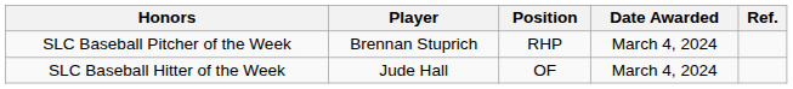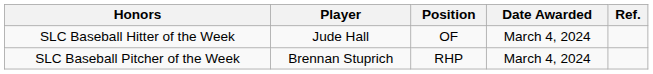 <table class="wikitable" style="width: 60%;text-align: center;">
 <tr>
 <th>Honors</th>
 <th>Player</th>
 <th>Position</th>
 <th>Date Awarded</th>
 <th>Ref.</th>
 </tr>
 <tr align="center">
+<td rowspan="1">SLC Baseball Hitter of the Week</td>
+<td>Jude Hall</td>
+<td>OF</td>
+<td>March 4, 2024</td>
+<td></td>
+</tr>
+<tr align="center">
 <td rowspan="1">SLC Baseball Pitcher of the Week</td>
 <td>Brennan Stuprich</td>
 <td>RHP</td>
 <td>March 4, 2024</td>
 <td></td>
 </tr>
-<tr align="center">
-<td rowspan="1">SLC Baseball Hitter of the Week</td>
-<td>Jude Hall</td>
-<td>OF</td>
-<td>March 4, 2024</td>
-<td></td>
-</tr>
 </table>
